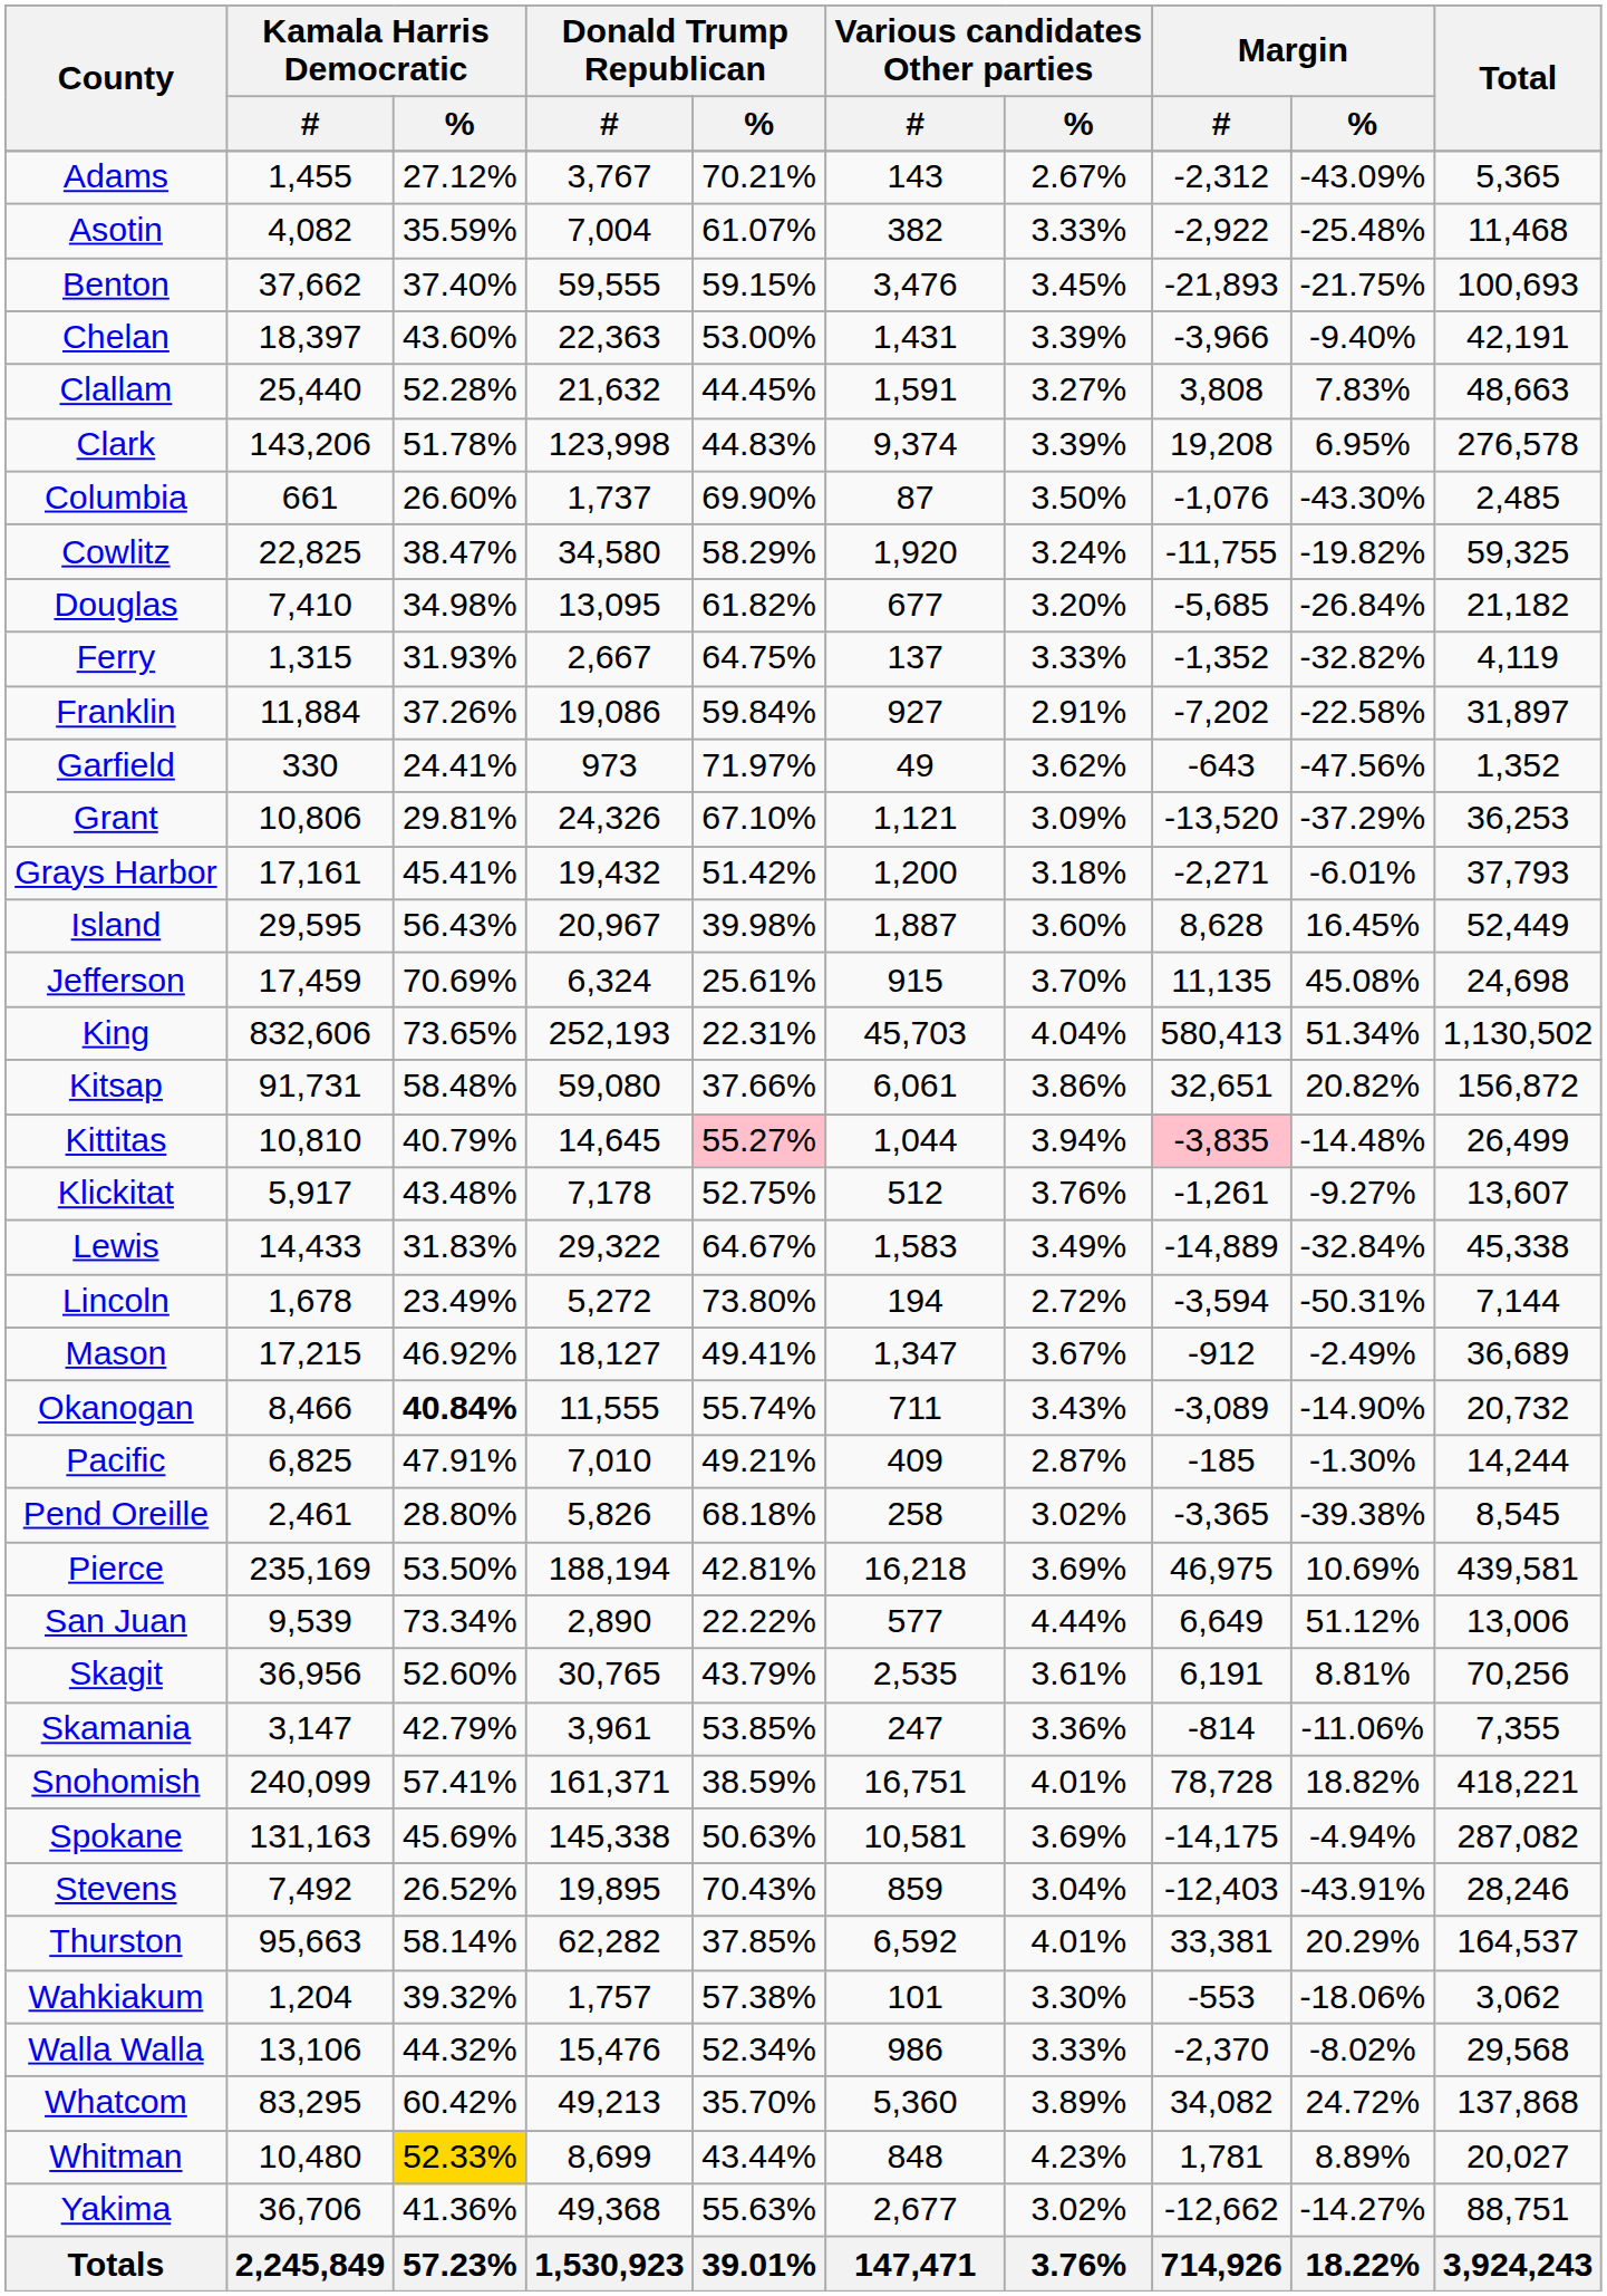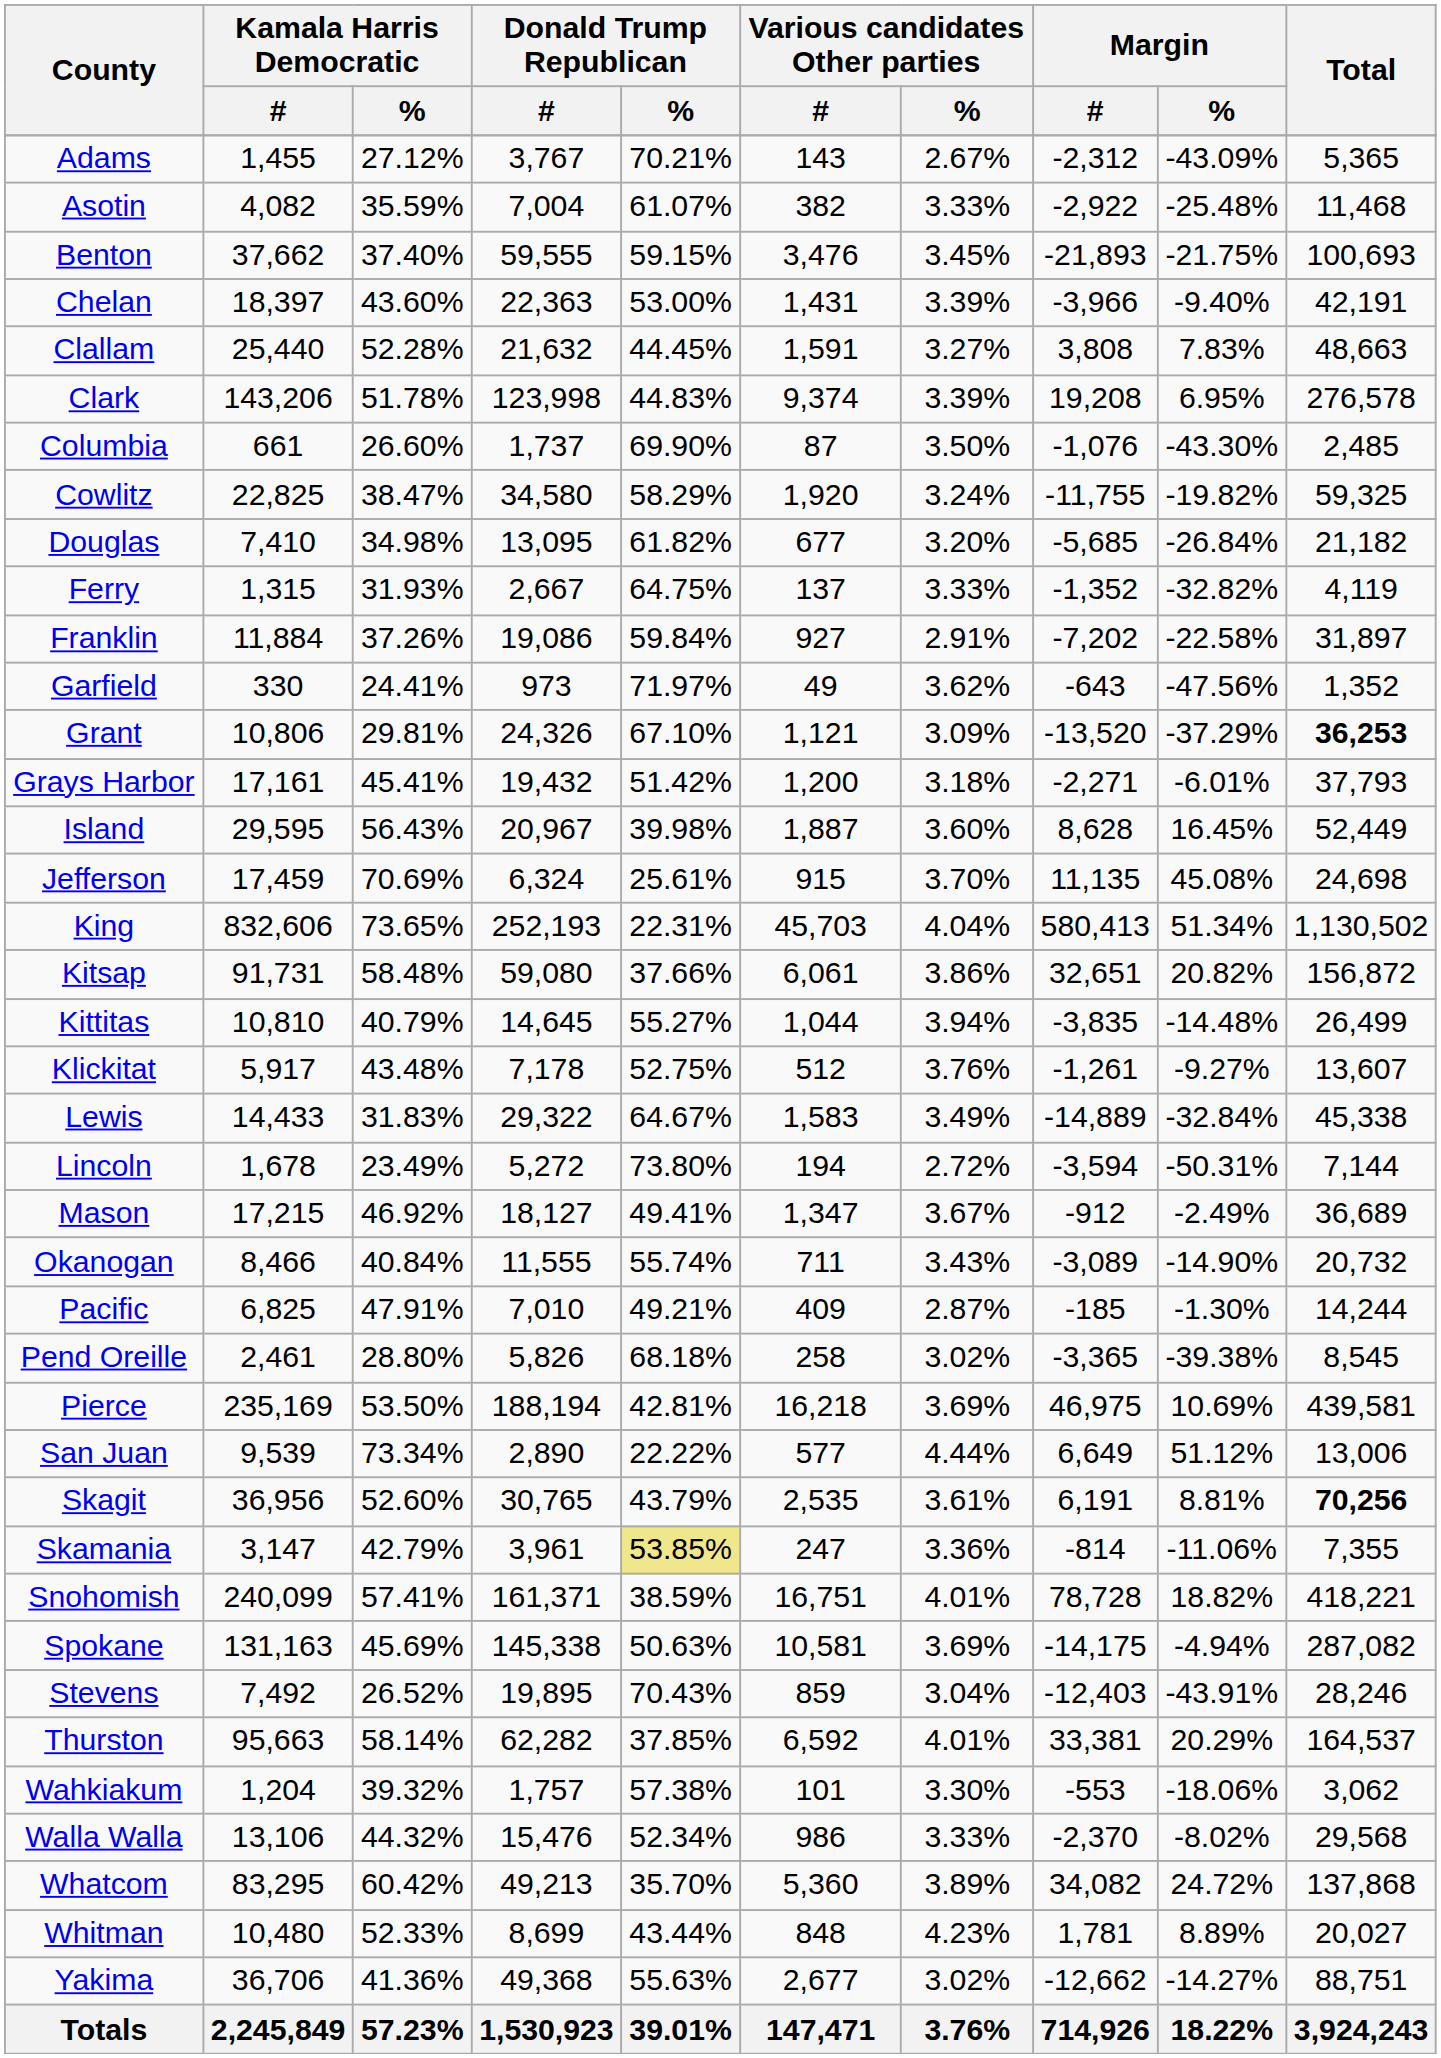 <table width="60%" class="wikitable sortable">
 <tr>
 <th rowspan="2">County</th>
 <th colspan="2">Kamala Harris<br>Democratic</th>
 <th colspan="2">Donald Trump<br>Republican</th>
 <th colspan="2">Various candidates<br>Other parties</th>
 <th colspan="2">Margin</th>
 <th rowspan="2">Total</th>
 </tr>
 <tr>
 <th style="text-align:center;" data-sort-type="number">#</th>
 <th style="text-align:center;" data-sort-type="number">%</th>
 <th style="text-align:center;" data-sort-type="number">#</th>
 <th style="text-align:center;" data-sort-type="number">%</th>
 <th style="text-align:center;" data-sort-type="number">#</th>
 <th style="text-align:center;" data-sort-type="number">%</th>
 <th style="text-align:center;" data-sort-type="number">#</th>
 <th style="text-align:center;" data-sort-type="number">%</th>
 </tr>
 <tr>
 </tr>
 <tr style="text-align:center;">
 <td><a href='#'>Adams</a></td>
 <td>1,455</td>
 <td>27.12%</td>
 <td>3,767</td>
 <td>70.21%</td>
 <td>143</td>
 <td>2.67%</td>
 <td>-2,312</td>
 <td>-43.09%</td>
 <td>5,365</td>
 </tr>
 <tr style="text-align:center;">
 <td><a href='#'>Asotin</a></td>
 <td>4,082</td>
 <td>35.59%</td>
 <td>7,004</td>
 <td>61.07%</td>
 <td>382</td>
 <td>3.33%</td>
 <td>-2,922</td>
 <td>-25.48%</td>
 <td>11,468</td>
 </tr>
 <tr style="text-align:center;">
 <td><a href='#'>Benton</a></td>
 <td>37,662</td>
 <td>37.40%</td>
 <td>59,555</td>
 <td>59.15%</td>
 <td>3,476</td>
 <td>3.45%</td>
 <td>-21,893</td>
 <td>-21.75%</td>
 <td>100,693</td>
 </tr>
 <tr style="text-align:center;">
 <td><a href='#'>Chelan</a></td>
 <td>18,397</td>
 <td>43.60%</td>
 <td>22,363</td>
 <td>53.00%</td>
 <td>1,431</td>
 <td>3.39%</td>
 <td>-3,966</td>
 <td>-9.40%</td>
 <td>42,191</td>
 </tr>
 <tr style="text-align:center;">
 <td><a href='#'>Clallam</a></td>
 <td>25,440</td>
 <td>52.28%</td>
 <td>21,632</td>
 <td>44.45%</td>
 <td>1,591</td>
 <td>3.27%</td>
 <td>3,808</td>
 <td>7.83%</td>
 <td>48,663</td>
 </tr>
 <tr style="text-align:center;">
 <td><a href='#'>Clark</a></td>
 <td>143,206</td>
 <td>51.78%</td>
 <td>123,998</td>
 <td>44.83%</td>
 <td>9,374</td>
 <td>3.39%</td>
 <td>19,208</td>
 <td>6.95%</td>
 <td>276,578</td>
 </tr>
 <tr style="text-align:center;">
 <td><a href='#'>Columbia</a></td>
 <td>661</td>
 <td>26.60%</td>
 <td>1,737</td>
 <td>69.90%</td>
 <td>87</td>
 <td>3.50%</td>
 <td>-1,076</td>
 <td>-43.30%</td>
 <td>2,485</td>
 </tr>
 <tr style="text-align:center;">
 <td><a href='#'>Cowlitz</a></td>
 <td>22,825</td>
 <td>38.47%</td>
 <td>34,580</td>
 <td>58.29%</td>
 <td>1,920</td>
 <td>3.24%</td>
 <td>-11,755</td>
 <td>-19.82%</td>
 <td>59,325</td>
 </tr>
 <tr style="text-align:center;">
 <td><a href='#'>Douglas</a></td>
 <td>7,410</td>
 <td>34.98%</td>
 <td>13,095</td>
 <td>61.82%</td>
 <td>677</td>
 <td>3.20%</td>
 <td>-5,685</td>
 <td>-26.84%</td>
 <td>21,182</td>
 </tr>
 <tr style="text-align:center;">
 <td><a href='#'>Ferry</a></td>
 <td>1,315</td>
 <td>31.93%</td>
 <td>2,667</td>
 <td>64.75%</td>
 <td>137</td>
 <td>3.33%</td>
 <td>-1,352</td>
 <td>-32.82%</td>
 <td>4,119</td>
 </tr>
 <tr style="text-align:center;">
 <td><a href='#'>Franklin</a></td>
 <td>11,884</td>
 <td>37.26%</td>
 <td>19,086</td>
 <td>59.84%</td>
 <td>927</td>
 <td>2.91%</td>
 <td>-7,202</td>
 <td>-22.58%</td>
 <td>31,897</td>
 </tr>
 <tr style="text-align:center;">
 <td><a href='#'>Garfield</a></td>
 <td>330</td>
 <td>24.41%</td>
 <td>973</td>
 <td>71.97%</td>
 <td>49</td>
 <td>3.62%</td>
 <td>-643</td>
 <td>-47.56%</td>
 <td>1,352</td>
 </tr>
 <tr style="text-align:center;">
 <td><a href='#'>Grant</a></td>
 <td>10,806</td>
 <td>29.81%</td>
 <td>24,326</td>
 <td>67.10%</td>
 <td>1,121</td>
 <td>3.09%</td>
 <td>-13,520</td>
 <td>-37.29%</td>
-<td>36,253</td>
+<td><strong>36,253</strong></td>
 </tr>
 <tr style="text-align:center;">
 <td><a href='#'>Grays Harbor</a></td>
 <td>17,161</td>
 <td>45.41%</td>
 <td>19,432</td>
 <td>51.42%</td>
 <td>1,200</td>
 <td>3.18%</td>
 <td>-2,271</td>
 <td>-6.01%</td>
 <td>37,793</td>
 </tr>
 <tr style="text-align:center;">
 <td><a href='#'>Island</a></td>
 <td>29,595</td>
 <td>56.43%</td>
 <td>20,967</td>
 <td>39.98%</td>
 <td>1,887</td>
 <td>3.60%</td>
 <td>8,628</td>
 <td>16.45%</td>
 <td>52,449</td>
 </tr>
 <tr style="text-align:center;">
 <td><a href='#'>Jefferson</a></td>
 <td>17,459</td>
 <td>70.69%</td>
 <td>6,324</td>
 <td>25.61%</td>
 <td>915</td>
 <td>3.70%</td>
 <td>11,135</td>
 <td>45.08%</td>
 <td>24,698</td>
 </tr>
 <tr style="text-align:center;">
 <td><a href='#'>King</a></td>
 <td>832,606</td>
 <td>73.65%</td>
 <td>252,193</td>
 <td>22.31%</td>
 <td>45,703</td>
 <td>4.04%</td>
 <td>580,413</td>
 <td>51.34%</td>
 <td>1,130,502</td>
 </tr>
 <tr style="text-align:center;">
 <td><a href='#'>Kitsap</a></td>
 <td>91,731</td>
 <td>58.48%</td>
 <td>59,080</td>
 <td>37.66%</td>
 <td>6,061</td>
 <td>3.86%</td>
 <td>32,651</td>
 <td>20.82%</td>
 <td>156,872</td>
 </tr>
 <tr style="text-align:center;">
 <td><a href='#'>Kittitas</a></td>
 <td>10,810</td>
 <td>40.79%</td>
 <td>14,645</td>
-<td style="background: pink;">55.27%</td>
+<td>55.27%</td>
 <td>1,044</td>
 <td>3.94%</td>
-<td style="background: pink;">-3,835</td>
+<td>-3,835</td>
 <td>-14.48%</td>
 <td>26,499</td>
 </tr>
 <tr style="text-align:center;">
 <td><a href='#'>Klickitat</a></td>
 <td>5,917</td>
 <td>43.48%</td>
 <td>7,178</td>
 <td>52.75%</td>
 <td>512</td>
 <td>3.76%</td>
 <td>-1,261</td>
 <td>-9.27%</td>
 <td>13,607</td>
 </tr>
 <tr style="text-align:center;">
 <td><a href='#'>Lewis</a></td>
 <td>14,433</td>
 <td>31.83%</td>
 <td>29,322</td>
 <td>64.67%</td>
 <td>1,583</td>
 <td>3.49%</td>
 <td>-14,889</td>
 <td>-32.84%</td>
 <td>45,338</td>
 </tr>
 <tr style="text-align:center;">
 <td><a href='#'>Lincoln</a></td>
 <td>1,678</td>
 <td>23.49%</td>
 <td>5,272</td>
 <td>73.80%</td>
 <td>194</td>
 <td>2.72%</td>
 <td>-3,594</td>
 <td>-50.31%</td>
 <td>7,144</td>
 </tr>
 <tr style="text-align:center;">
 <td><a href='#'>Mason</a></td>
 <td>17,215</td>
 <td>46.92%</td>
 <td>18,127</td>
 <td>49.41%</td>
 <td>1,347</td>
 <td>3.67%</td>
 <td>-912</td>
 <td>-2.49%</td>
 <td>36,689</td>
 </tr>
 <tr style="text-align:center;">
 <td><a href='#'>Okanogan</a></td>
 <td>8,466</td>
-<td><strong>40.84%</strong></td>
+<td>40.84%</td>
 <td>11,555</td>
 <td>55.74%</td>
 <td>711</td>
 <td>3.43%</td>
 <td>-3,089</td>
 <td>-14.90%</td>
 <td>20,732</td>
 </tr>
 <tr style="text-align:center;">
 <td><a href='#'>Pacific</a></td>
 <td>6,825</td>
 <td>47.91%</td>
 <td>7,010</td>
 <td>49.21%</td>
 <td>409</td>
 <td>2.87%</td>
 <td>-185</td>
 <td>-1.30%</td>
 <td>14,244</td>
 </tr>
 <tr style="text-align:center;">
 <td><a href='#'>Pend Oreille</a></td>
 <td>2,461</td>
 <td>28.80%</td>
 <td>5,826</td>
 <td>68.18%</td>
 <td>258</td>
 <td>3.02%</td>
 <td>-3,365</td>
 <td>-39.38%</td>
 <td>8,545</td>
 </tr>
 <tr style="text-align:center;">
 <td><a href='#'>Pierce</a></td>
 <td>235,169</td>
 <td>53.50%</td>
 <td>188,194</td>
 <td>42.81%</td>
 <td>16,218</td>
 <td>3.69%</td>
 <td>46,975</td>
 <td>10.69%</td>
 <td>439,581</td>
 </tr>
 <tr style="text-align:center;">
 <td><a href='#'>San Juan</a></td>
 <td>9,539</td>
 <td>73.34%</td>
 <td>2,890</td>
 <td>22.22%</td>
 <td>577</td>
 <td>4.44%</td>
 <td>6,649</td>
 <td>51.12%</td>
 <td>13,006</td>
 </tr>
 <tr style="text-align:center;">
 <td><a href='#'>Skagit</a></td>
 <td>36,956</td>
 <td>52.60%</td>
 <td>30,765</td>
 <td>43.79%</td>
 <td>2,535</td>
 <td>3.61%</td>
 <td>6,191</td>
 <td>8.81%</td>
-<td>70,256</td>
+<td><strong>70,256</strong></td>
 </tr>
 <tr style="text-align:center;">
 <td><a href='#'>Skamania</a></td>
 <td>3,147</td>
 <td>42.79%</td>
 <td>3,961</td>
-<td>53.85%</td>
+<td style="background: khaki;">53.85%</td>
 <td>247</td>
 <td>3.36%</td>
 <td>-814</td>
 <td>-11.06%</td>
 <td>7,355</td>
 </tr>
 <tr style="text-align:center;">
 <td><a href='#'>Snohomish</a></td>
 <td>240,099</td>
 <td>57.41%</td>
 <td>161,371</td>
 <td>38.59%</td>
 <td>16,751</td>
 <td>4.01%</td>
 <td>78,728</td>
 <td>18.82%</td>
 <td>418,221</td>
 </tr>
 <tr style="text-align:center;">
 <td><a href='#'>Spokane</a></td>
 <td>131,163</td>
 <td>45.69%</td>
 <td>145,338</td>
 <td>50.63%</td>
 <td>10,581</td>
 <td>3.69%</td>
 <td>-14,175</td>
 <td>-4.94%</td>
 <td>287,082</td>
 </tr>
 <tr style="text-align:center;">
 <td><a href='#'>Stevens</a></td>
 <td>7,492</td>
 <td>26.52%</td>
 <td>19,895</td>
 <td>70.43%</td>
 <td>859</td>
 <td>3.04%</td>
 <td>-12,403</td>
 <td>-43.91%</td>
 <td>28,246</td>
 </tr>
 <tr style="text-align:center;">
 <td><a href='#'>Thurston</a></td>
 <td>95,663</td>
 <td>58.14%</td>
 <td>62,282</td>
 <td>37.85%</td>
 <td>6,592</td>
 <td>4.01%</td>
 <td>33,381</td>
 <td>20.29%</td>
 <td>164,537</td>
 </tr>
 <tr style="text-align:center;">
 <td><a href='#'>Wahkiakum</a></td>
 <td>1,204</td>
 <td>39.32%</td>
 <td>1,757</td>
 <td>57.38%</td>
 <td>101</td>
 <td>3.30%</td>
 <td>-553</td>
 <td>-18.06%</td>
 <td>3,062</td>
 </tr>
 <tr style="text-align:center;">
 <td><a href='#'>Walla Walla</a></td>
 <td>13,106</td>
 <td>44.32%</td>
 <td>15,476</td>
 <td>52.34%</td>
 <td>986</td>
 <td>3.33%</td>
 <td>-2,370</td>
 <td>-8.02%</td>
 <td>29,568</td>
 </tr>
 <tr style="text-align:center;">
 <td><a href='#'>Whatcom</a></td>
 <td>83,295</td>
 <td>60.42%</td>
 <td>49,213</td>
 <td>35.70%</td>
 <td>5,360</td>
 <td>3.89%</td>
 <td>34,082</td>
 <td>24.72%</td>
 <td>137,868</td>
 </tr>
 <tr style="text-align:center;">
 <td><a href='#'>Whitman</a></td>
 <td>10,480</td>
-<td style="background: gold;">52.33%</td>
+<td>52.33%</td>
 <td>8,699</td>
 <td>43.44%</td>
 <td>848</td>
 <td>4.23%</td>
 <td>1,781</td>
 <td>8.89%</td>
 <td>20,027</td>
 </tr>
 <tr style="text-align:center;">
 <td><a href='#'>Yakima</a></td>
 <td>36,706</td>
 <td>41.36%</td>
 <td>49,368</td>
 <td>55.63%</td>
 <td>2,677</td>
 <td>3.02%</td>
 <td>-12,662</td>
 <td>-14.27%</td>
 <td>88,751</td>
 </tr>
 <tr>
 <th>Totals</th>
 <th>2,245,849</th>
 <th>57.23%</th>
 <th>1,530,923</th>
 <th>39.01%</th>
 <th>147,471</th>
 <th>3.76%</th>
 <th>714,926</th>
 <th>18.22%</th>
 <th>3,924,243</th>
 </tr>
 </table>
